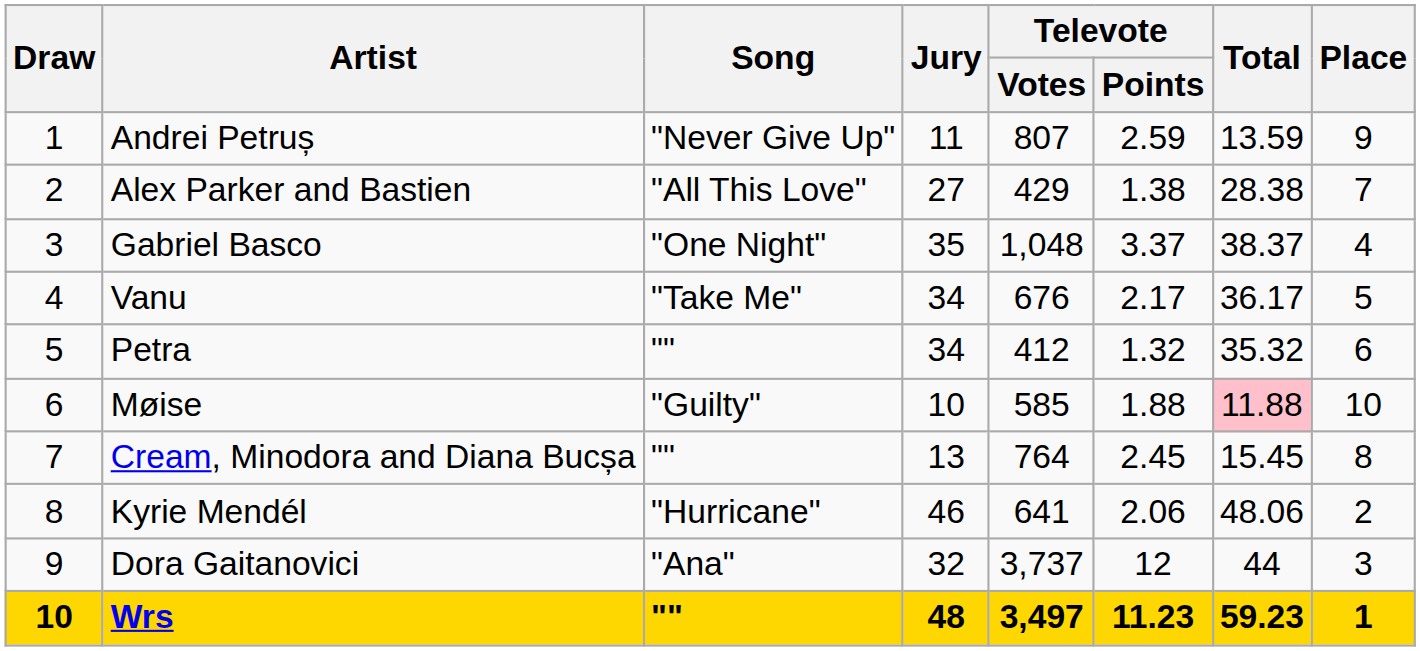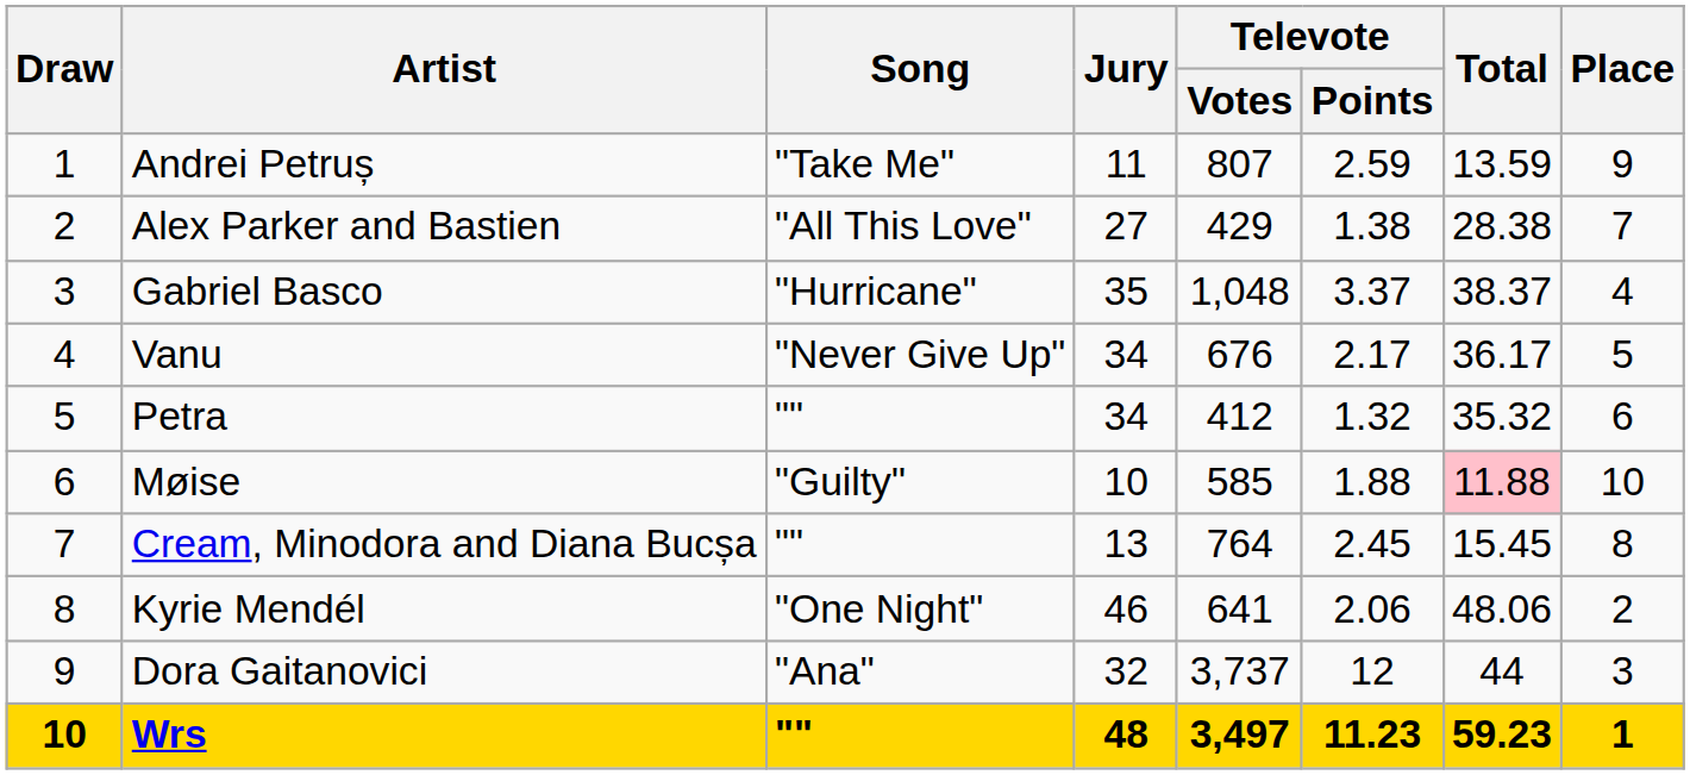 <table class="sortable wikitable" style="margin: 1em auto 1em auto; text-align:center;">
 <tr>
 <th rowspan="2">Draw</th>
 <th rowspan="2">Artist</th>
 <th rowspan="2">Song</th>
 <th rowspan="2">Jury</th>
 <th colspan="2">Televote</th>
 <th rowspan="2">Total</th>
 <th rowspan="2">Place</th>
 </tr>
 <tr>
 <th>Votes</th>
 <th>Points</th>
 </tr>
 <tr>
 <td>1</td>
 <td align="left">Andrei Petruș</td>
-<td align="left">"Never Give Up"</td>
+<td align="left">"Take Me"</td>
 <td>11</td>
 <td>807</td>
 <td>2.59</td>
 <td>13.59</td>
 <td>9</td>
 </tr>
 <tr>
 <td>2</td>
 <td align="left">Alex Parker and Bastien</td>
 <td align="left">"All This Love"</td>
 <td>27</td>
 <td>429</td>
 <td>1.38</td>
 <td>28.38</td>
 <td>7</td>
 </tr>
 <tr>
 <td>3</td>
 <td align="left">Gabriel Basco</td>
-<td align="left">"One Night"</td>
+<td align="left">"Hurricane"</td>
 <td>35</td>
 <td>1,048</td>
 <td>3.37</td>
 <td>38.37</td>
 <td>4</td>
 </tr>
 <tr>
 <td>4</td>
 <td align="left">Vanu</td>
-<td align="left">"Take Me"</td>
+<td align="left">"Never Give Up"</td>
 <td>34</td>
 <td>676</td>
 <td>2.17</td>
 <td>36.17</td>
 <td>5</td>
 </tr>
 <tr>
 <td>5</td>
 <td align="left">Petra</td>
 <td align="left">""</td>
 <td>34</td>
 <td>412</td>
 <td>1.32</td>
 <td>35.32</td>
 <td>6</td>
 </tr>
 <tr>
 <td>6</td>
 <td align="left">Møise</td>
 <td align="left">"Guilty"</td>
 <td>10</td>
 <td>585</td>
 <td>1.88</td>
 <td style="background: pink;">11.88</td>
 <td>10</td>
 </tr>
 <tr>
 <td>7</td>
 <td align="left"><a href='#'>Cream</a>, Minodora and Diana Bucșa</td>
 <td align="left">""</td>
 <td>13</td>
 <td>764</td>
 <td>2.45</td>
 <td>15.45</td>
 <td>8</td>
 </tr>
 <tr>
 <td>8</td>
 <td align="left">Kyrie Mendél</td>
-<td align="left">"Hurricane"</td>
+<td align="left">"One Night"</td>
 <td>46</td>
 <td>641</td>
 <td>2.06</td>
 <td>48.06</td>
 <td>2</td>
 </tr>
 <tr>
 <td>9</td>
 <td align="left">Dora Gaitanovici</td>
 <td align="left">"Ana"</td>
 <td>32</td>
 <td>3,737</td>
 <td>12</td>
 <td>44</td>
 <td>3</td>
 </tr>
 <tr style="font-weight:bold; background:gold;">
 <td>10</td>
 <td align="left"><a href='#'>Wrs</a></td>
 <td align="left">""</td>
 <td>48</td>
 <td>3,497</td>
 <td>11.23</td>
 <td>59.23</td>
 <td>1</td>
 </tr>
 </table>
